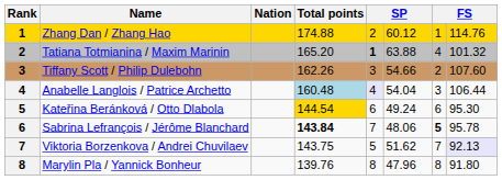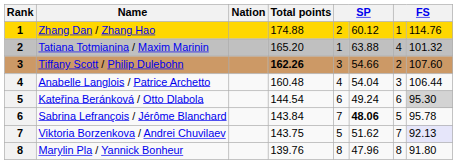 <table class="wikitable">
 <tr>
 <th>Rank</th>
 <th>Name</th>
 <th>Nation</th>
 <th>Total points</th>
 <th colspan="2" width="80px"><a href='#'>SP</a></th>
 <th colspan="2" width="80px"><a href='#'>FS</a></th>
 </tr>
 <tr bgcolor="gold">
 <td align="center"><strong>1</strong></td>
 <td><a href='#'>Zhang Dan</a> / <a href='#'>Zhang Hao</a></td>
 <td></td>
 <td>174.88</td>
 <td>2</td>
 <td>60.12</td>
 <td>1</td>
 <td>114.76</td>
 </tr>
 <tr bgcolor="silver">
 <td align="center"><strong>2</strong></td>
 <td><a href='#'>Tatiana Totmianina</a> / <a href='#'>Maxim Marinin</a></td>
 <td></td>
 <td>165.20</td>
-<td><strong>1</strong></td>
+<td>1</td>
 <td>63.88</td>
 <td>4</td>
 <td>101.32</td>
 </tr>
 <tr bgcolor="cc9966">
 <td align="center"><strong>3</strong></td>
 <td><a href='#'>Tiffany Scott</a> / <a href='#'>Philip Dulebohn</a></td>
 <td></td>
-<td>162.26</td>
+<td><strong>162.26</strong></td>
 <td>3</td>
 <td>54.66</td>
 <td>2</td>
 <td>107.60</td>
 </tr>
 <tr>
 <th>4</th>
 <td><a href='#'>Anabelle Langlois</a> / <a href='#'>Patrice Archetto</a></td>
 <td></td>
-<td style="background: lightblue;">160.48</td>
-<td style="background: lavender;">4</td>
+<td>160.48</td>
+<td>4</td>
 <td>54.04</td>
 <td>3</td>
 <td>106.44</td>
 </tr>
 <tr>
 <th>5</th>
 <td><a href='#'>Kateřina Beránková</a> / <a href='#'>Otto Dlabola</a></td>
 <td></td>
-<td style="background: gold;">144.54</td>
+<td>144.54</td>
 <td>6</td>
 <td>49.24</td>
 <td>6</td>
-<td>95.30</td>
+<td style="background: lightgrey;">95.30</td>
 </tr>
 <tr>
 <th>6</th>
 <td><a href='#'>Sabrina Lefrançois</a> / <a href='#'>Jérôme Blanchard</a></td>
 <td></td>
-<td><strong>143.84</strong></td>
+<td>143.84</td>
 <td>7</td>
-<td>48.06</td>
-<td><strong>5</strong></td>
+<td><strong>48.06</strong></td>
+<td>5</td>
 <td>95.78</td>
 </tr>
 <tr>
 <th>7</th>
 <td><a href='#'>Viktoria Borzenkova</a> / <a href='#'>Andrei Chuvilaev</a></td>
 <td></td>
 <td>143.75</td>
 <td>5</td>
 <td>51.62</td>
 <td>7</td>
 <td style="background: lavender;">92.13</td>
 </tr>
 <tr>
 <th>8</th>
 <td><a href='#'>Marylin Pla</a> / <a href='#'>Yannick Bonheur</a></td>
 <td></td>
 <td>139.76</td>
 <td>8</td>
 <td>47.96</td>
 <td>8</td>
 <td>91.80</td>
 </tr>
 </table>
